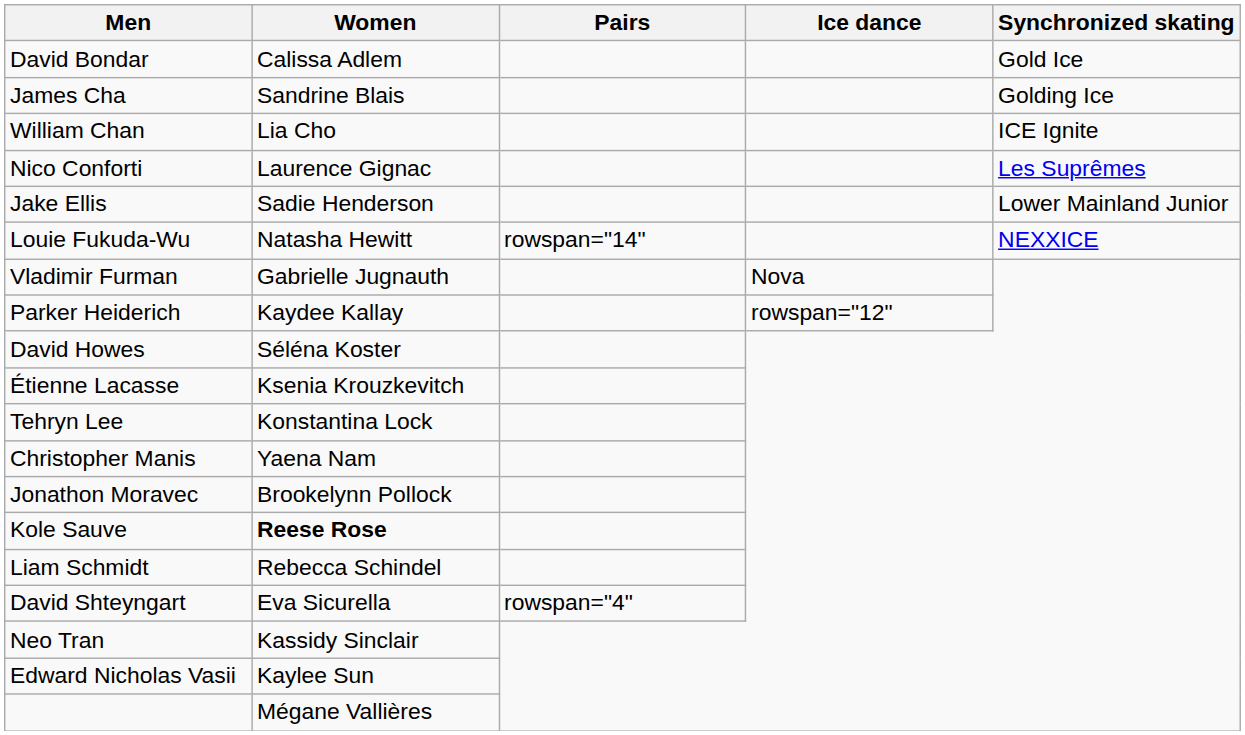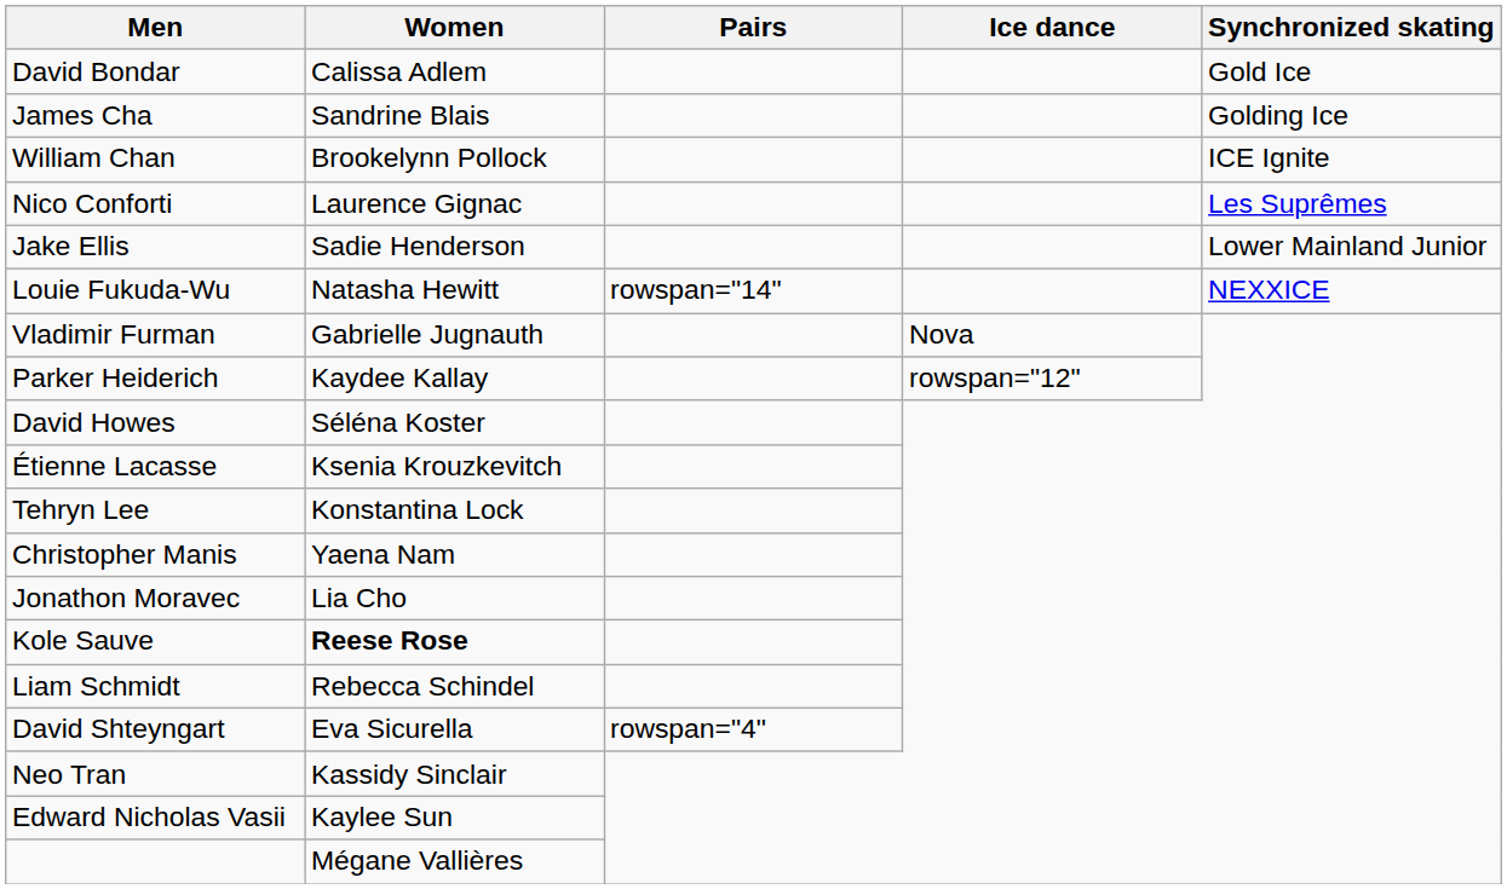 <table class="wikitable unsortable" style="text-align:left;">
 <tr>
 <th scope="col" style="width:20%">Men</th>
 <th scope="col" style="width:20%">Women</th>
 <th scope="col" style="width:20%">Pairs</th>
 <th scope="col" style="width:20%">Ice dance</th>
 <th scope="col" style="width:20%">Synchronized skating</th>
 </tr>
 <tr>
 <td>David Bondar</td>
 <td>Calissa Adlem</td>
 <td></td>
 <td></td>
 <td>Gold Ice</td>
 </tr>
 <tr>
 <td>James Cha</td>
 <td>Sandrine Blais</td>
 <td></td>
 <td></td>
 <td>Golding Ice</td>
 </tr>
 <tr>
 <td>William Chan</td>
-<td>Lia Cho</td>
+<td>Brookelynn Pollock</td>
 <td></td>
 <td></td>
 <td>ICE Ignite</td>
 </tr>
 <tr>
 <td>Nico Conforti</td>
 <td>Laurence Gignac</td>
 <td></td>
 <td></td>
 <td><a href='#'>Les Suprêmes</a></td>
 </tr>
 <tr>
 <td>Jake Ellis</td>
 <td>Sadie Henderson</td>
 <td></td>
 <td></td>
 <td>Lower Mainland Junior</td>
 </tr>
 <tr>
 <td>Louie Fukuda-Wu</td>
 <td>Natasha Hewitt</td>
 <td>rowspan="14" </td>
 <td></td>
 <td><a href='#'>NEXXICE</a></td>
 </tr>
 <tr>
 <td>Vladimir Furman</td>
 <td>Gabrielle Jugnauth</td>
 <td></td>
 <td>Nova</td>
 </tr>
 <tr>
 <td>Parker Heiderich</td>
 <td>Kaydee Kallay</td>
 <td></td>
 <td>rowspan="12" </td>
 </tr>
 <tr>
 <td>David Howes</td>
 <td>Séléna Koster</td>
 <td></td>
 </tr>
 <tr>
 <td>Étienne Lacasse</td>
 <td>Ksenia Krouzkevitch</td>
 <td></td>
 </tr>
 <tr>
 <td>Tehryn Lee</td>
 <td>Konstantina Lock</td>
 <td></td>
 </tr>
 <tr>
 <td>Christopher Manis</td>
 <td>Yaena Nam</td>
 <td></td>
 </tr>
 <tr>
 <td>Jonathon Moravec</td>
-<td>Brookelynn Pollock</td>
+<td>Lia Cho</td>
 <td></td>
 </tr>
 <tr>
 <td>Kole Sauve</td>
 <td><strong>Reese Rose</strong></td>
 <td></td>
 </tr>
 <tr>
 <td>Liam Schmidt</td>
 <td>Rebecca Schindel</td>
 <td></td>
 </tr>
 <tr>
 <td>David Shteyngart</td>
 <td>Eva Sicurella</td>
 <td>rowspan="4" </td>
 </tr>
 <tr>
 <td>Neo Tran</td>
 <td>Kassidy Sinclair</td>
 </tr>
 <tr>
 <td>Edward Nicholas Vasii</td>
 <td>Kaylee Sun</td>
 </tr>
 <tr>
 <td></td>
 <td>Mégane Vallières</td>
 </tr>
 </table>
